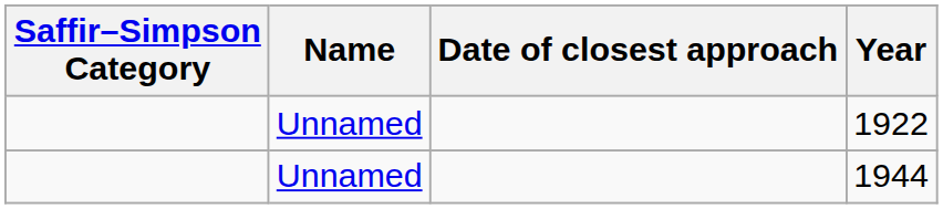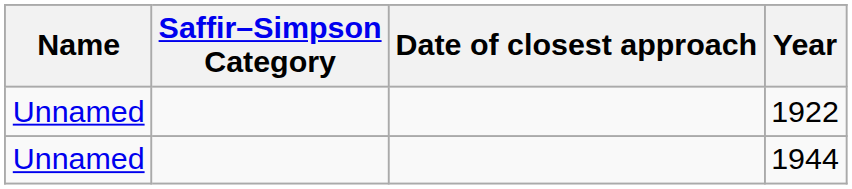 <table class = "wikitable" style="margin:1em auto;">
 <tr>
+<th>Name</th>
 <th><a href='#'>Saffir–Simpson</a><br>Category</th>
-<th>Name</th>
 <th>Date of closest approach</th>
 <th>Year</th>
 </tr>
 <tr>
+<td><a href='#'>Unnamed</a></td>
 <td></td>
-<td><a href='#'>Unnamed</a></td>
 <td></td>
 <td>1922</td>
 </tr>
 <tr>
+<td><a href='#'>Unnamed</a></td>
 <td></td>
-<td><a href='#'>Unnamed</a></td>
 <td></td>
 <td>1944</td>
 </tr>
 </table>
